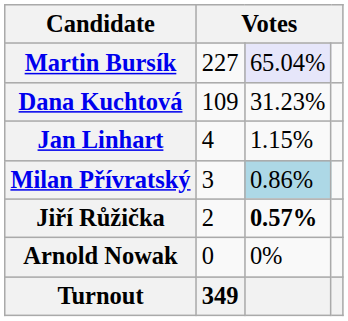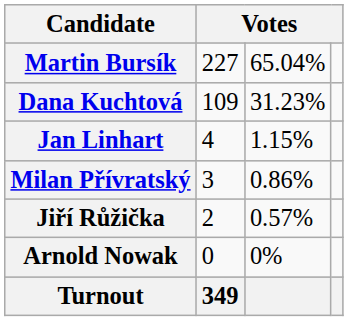 <table class="wikitable">
 <tr>
 <th>Candidate</th>
 <th colspan=3>Votes</th>
 </tr>
 <tr>
 <th><a href='#'>Martin Bursík</a></th>
 <td>227</td>
-<td style="background: lavender;">65.04%</td>
+<td>65.04%</td>
 <td></td>
 </tr>
 <tr>
 <th><a href='#'>Dana Kuchtová</a></th>
 <td>109</td>
 <td>31.23%</td>
 <td></td>
 </tr>
 <tr>
 <th><a href='#'>Jan Linhart</a></th>
 <td>4</td>
 <td>1.15%</td>
 <td></td>
 </tr>
 <tr>
 <th><a href='#'>Milan Přívratský</a></th>
 <td>3</td>
-<td style="background: lightblue;">0.86%</td>
+<td>0.86%</td>
 <td></td>
 </tr>
 <tr>
 <th>Jiří Růžička</th>
 <td>2</td>
-<td><strong>0.57%</strong></td>
+<td>0.57%</td>
 <td></td>
 </tr>
 <tr>
 <th>Arnold Nowak</th>
 <td>0</td>
 <td>0%</td>
 <td></td>
 </tr>
 <tr>
 <th>Turnout</th>
 <th>349</th>
 <th></th>
 <th></th>
 </tr>
 </table>
